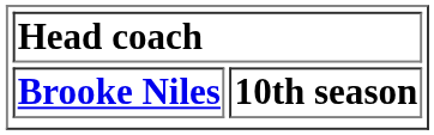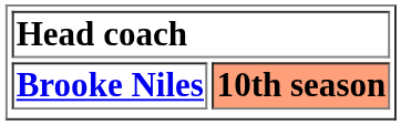 <table style="float: right;" border="1">
 <tr>
 <td colspan="2"><strong>Head coach</strong></td>
 </tr>
 <tr align=center>
 <td><strong><a href='#'>Brooke Niles</a></strong></td>
-<td><strong>10th season</strong></td>
+<td style="background: lightsalmon;"><strong>10th season</strong></td>
 </tr>
 <tr>
 </tr>
 </table>
